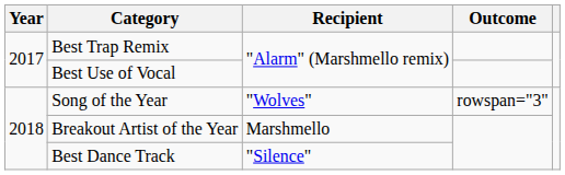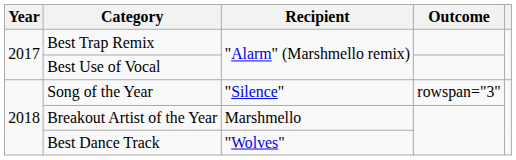 <table class="wikitable sortable">
 <tr>
 <th>Year</th>
 <th>Category</th>
 <th>Recipient</th>
 <th>Outcome</th>
 <th></th>
 </tr>
 <tr>
 <td rowspan="2">2017</td>
 <td>Best Trap Remix</td>
 <td rowspan="2">"<a href='#'>Alarm</a>" (Marshmello remix)</td>
 <td></td>
 <td rowspan="2"></td>
 </tr>
 <tr>
 <td>Best Use of Vocal</td>
 <td></td>
 </tr>
 <tr>
 <td rowspan="3">2018</td>
 <td>Song of the Year</td>
-<td>"<a href='#'>Wolves</a>"</td>
+<td>"<a href='#'>Silence</a>"</td>
 <td>rowspan="3" </td>
 <td rowspan="3"></td>
 </tr>
 <tr>
 <td>Breakout Artist of the Year</td>
 <td>Marshmello</td>
 </tr>
 <tr>
 <td>Best Dance Track</td>
-<td>"<a href='#'>Silence</a>"</td>
+<td>"<a href='#'>Wolves</a>"</td>
 </tr>
 </table>
